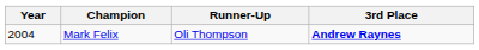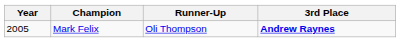 <table class="wikitable" style="display: inline-table;width: 50%;">
 <tr>
 <th>Year</th>
 <th>Champion</th>
 <th>Runner-Up</th>
 <th>3rd Place</th>
 </tr>
 <tr>
-<td>2004</td>
+<td>2005</td>
 <td> <a href='#'>Mark Felix</a></td>
 <td> <a href='#'>Oli Thompson</a></td>
 <td><strong> <a href='#'>Andrew  Raynes</a></strong></td>
 </tr>
 </table>
